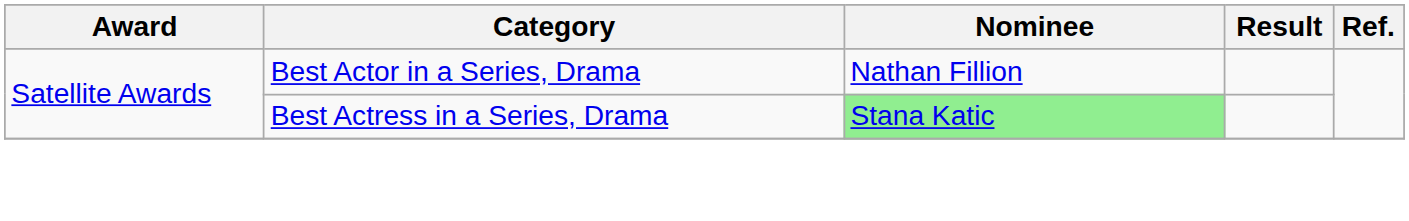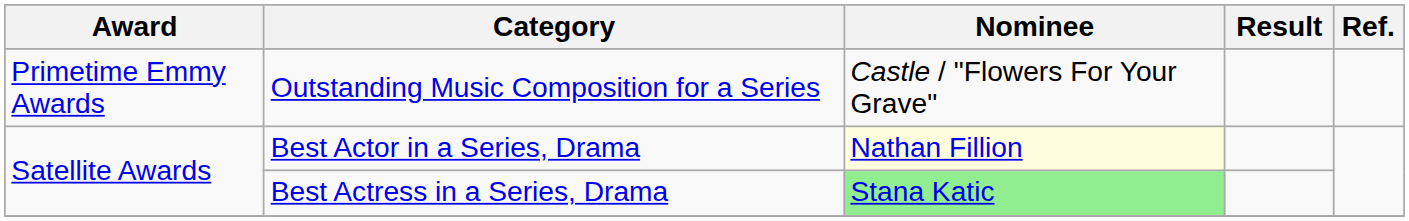 <table class="wikitable sortable" style="width:90%;">
 <tr>
 <th style="width:17%;">Award</th>
 <th style="width:38%;">Category</th>
 <th style="width:25%;">Nominee</th>
 <th style="width:7%;">Result</th>
 <th style="width:3%;">Ref.</th>
 </tr>
 <tr>
+<td><a href='#'>Primetime Emmy Awards</a></td>
+<td><a href='#'>Outstanding Music Composition for a Series</a></td>
+<td><em>Castle</em> / "Flowers For Your Grave"</td>
+<td></td>
+<td align="center"></td>
+</tr>
+<tr>
 <td rowspan="2"><a href='#'>Satellite Awards</a></td>
 <td><a href='#'>Best Actor in a Series, Drama</a></td>
-<td><a href='#'>Nathan Fillion</a></td>
+<td style="background: lightyellow;"><a href='#'>Nathan Fillion</a></td>
 <td></td>
 <td align="center" rowspan="2"></td>
 </tr>
 <tr>
 <td><a href='#'>Best Actress in a Series, Drama</a></td>
 <td style="background: lightgreen;"><a href='#'>Stana Katic</a></td>
 <td></td>
 </tr>
 <tr>
 </tr>
 </table>
